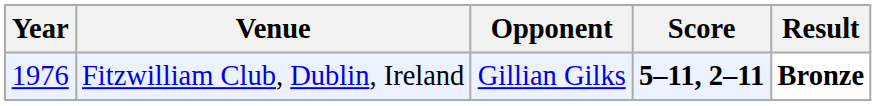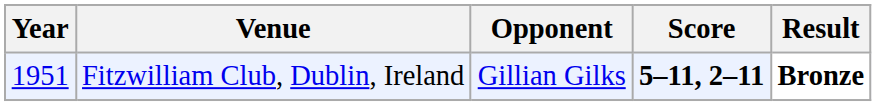 <table class="sortable wikitable" style="font-size: 90%;">
 <tr>
 <th>Year</th>
 <th>Venue</th>
 <th>Opponent</th>
 <th>Score</th>
 <th>Result</th>
 </tr>
 <tr style="background:#ECF2FF">
-<td align="center"><a href='#'>1976</a></td>
+<td align="center"><a href='#'>1951</a></td>
 <td align="left"><a href='#'>Fitzwilliam Club</a>, <a href='#'>Dublin</a>, Ireland</td>
 <td align="left"> <a href='#'>Gillian Gilks</a></td>
 <td align="left"><strong>5–11, 2–11</strong></td>
 <td style="text-align:left; background:white"> <strong>Bronze</strong></td>
 </tr>
 </table>
